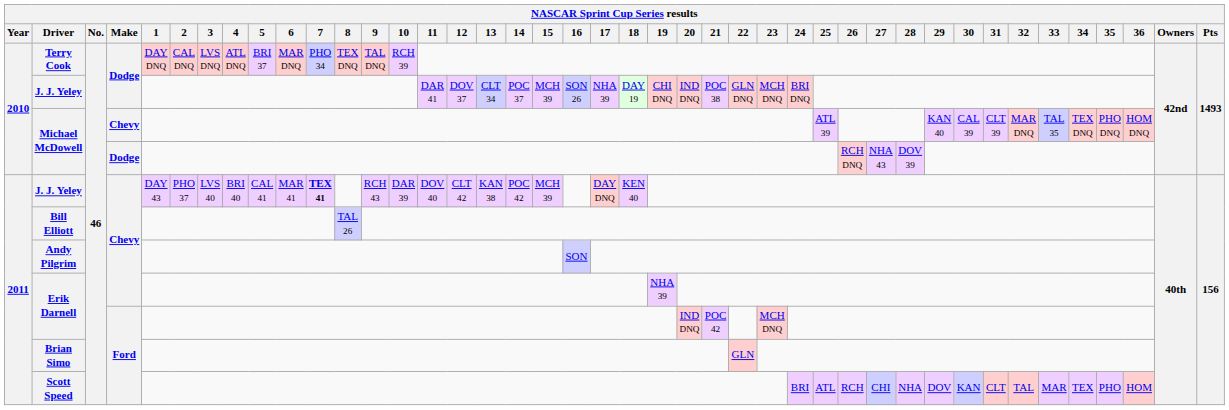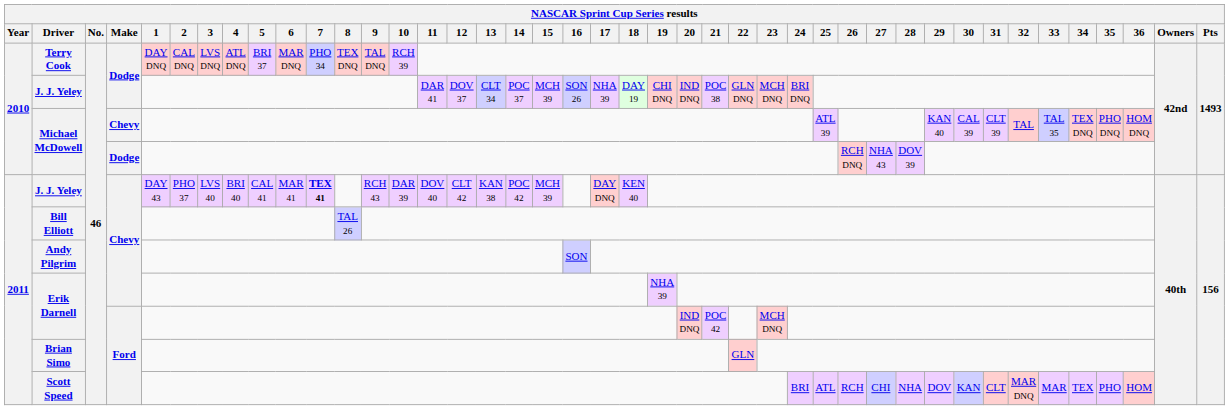 <table class="wikitable" style="text-align:center; font-size:75%">
 <tr>
 <th colspan=45><a href='#'>NASCAR Sprint Cup Series</a> results</th>
 </tr>
 <tr>
 <th>Year</th>
 <th>Driver</th>
 <th>No.</th>
 <th>Make</th>
 <th>1</th>
 <th>2</th>
 <th>3</th>
 <th>4</th>
 <th>5</th>
 <th>6</th>
 <th>7</th>
 <th>8</th>
 <th>9</th>
 <th>10</th>
 <th>11</th>
 <th>12</th>
 <th>13</th>
 <th>14</th>
 <th>15</th>
 <th>16</th>
 <th>17</th>
 <th>18</th>
 <th>19</th>
 <th>20</th>
 <th>21</th>
 <th>22</th>
 <th>23</th>
 <th>24</th>
 <th>25</th>
 <th>26</th>
 <th>27</th>
 <th>28</th>
 <th>29</th>
 <th>30</th>
 <th>31</th>
 <th>32</th>
 <th>33</th>
 <th>34</th>
 <th>35</th>
 <th>36</th>
 <th>Owners</th>
 <th>Pts</th>
 </tr>
 <tr>
 <th rowspan=4><a href='#'>2010</a></th>
 <th><a href='#'>Terry Cook</a></th>
 <th rowspan=12>46</th>
 <th rowspan=2><a href='#'>Dodge</a></th>
 <td style="background:#FFCFCF;"><a href='#'>DAY</a><br><small>DNQ</small></td>
 <td style="background:#FFCFCF;"><a href='#'>CAL</a><br><small>DNQ</small></td>
 <td style="background:#FFCFCF;"><a href='#'>LVS</a><br><small>DNQ</small></td>
 <td style="background:#FFCFCF;"><a href='#'>ATL</a><br><small>DNQ</small></td>
 <td style="background:#EFCFFF;"><a href='#'>BRI</a><br><small>37</small></td>
 <td style="background:#FFCFCF;"><a href='#'>MAR</a><br><small>DNQ</small></td>
 <td style="background:#CFCFFF;"><a href='#'>PHO</a><br><small>34</small></td>
 <td style="background:#FFCFCF;"><a href='#'>TEX</a><br><small>DNQ</small></td>
 <td style="background:#FFCFCF;"><a href='#'>TAL</a><br><small>DNQ</small></td>
 <td style="background:#EFCFFF;"><a href='#'>RCH</a><br><small>39</small></td>
 <td colspan=26></td>
 <th rowspan=4>42nd</th>
 <th rowspan=4>1493</th>
 </tr>
 <tr>
 <th><a href='#'>J. J. Yeley</a></th>
 <td colspan=10></td>
 <td style="background:#EFCFFF;"><a href='#'>DAR</a><br><small>41</small></td>
 <td style="background:#EFCFFF;"><a href='#'>DOV</a><br><small>37</small></td>
 <td style="background:#CFCFFF;"><a href='#'>CLT</a><br><small>34</small></td>
 <td style="background:#EFCFFF;"><a href='#'>POC</a><br><small>37</small></td>
 <td style="background:#EFCFFF;"><a href='#'>MCH</a><br><small>39</small></td>
 <td style="background:#CFCFFF;"><a href='#'>SON</a><br><small>26</small></td>
 <td style="background:#EFCFFF;"><a href='#'>NHA</a><br><small>39</small></td>
 <td style="background:#DFFFDF;"><a href='#'>DAY</a><br><small>19</small></td>
 <td style="background:#FFCFCF;"><a href='#'>CHI</a><br><small>DNQ</small></td>
 <td style="background:#FFCFCF;"><a href='#'>IND</a><br><small>DNQ</small></td>
 <td style="background:#EFCFFF;"><a href='#'>POC</a><br><small>38</small></td>
 <td style="background:#FFCFCF;"><a href='#'>GLN</a><br><small>DNQ</small></td>
 <td style="background:#FFCFCF;"><a href='#'>MCH</a><br><small>DNQ</small></td>
 <td style="background:#FFCFCF;"><a href='#'>BRI</a><br><small>DNQ</small></td>
 </tr>
 <tr>
 <th rowspan=2><a href='#'>Michael McDowell</a></th>
 <th><a href='#'>Chevy</a></th>
 <td colspan=24></td>
 <td style="background:#EFCFFF;"><a href='#'>ATL</a><br><small>39</small></td>
 <td colspan=3></td>
 <td style="background:#EFCFFF;"><a href='#'>KAN</a><br><small>40</small></td>
 <td style="background:#EFCFFF;"><a href='#'>CAL</a><br><small>39</small></td>
 <td style="background:#EFCFFF;"><a href='#'>CLT</a><br><small>39</small></td>
-<td style="background:#FFCFCF;"><a href='#'>MAR</a><br><small>DNQ</small></td>
+<td style="background:#FFCFCF;"><a href='#'>TAL</a><br></td>
 <td style="background:#CFCFFF;"><a href='#'>TAL</a><br><small>35</small></td>
 <td style="background:#FFCFCF;"><a href='#'>TEX</a><br><small>DNQ</small></td>
 <td style="background:#FFCFCF;"><a href='#'>PHO</a><br><small>DNQ</small></td>
 <td style="background:#FFCFCF;"><a href='#'>HOM</a><br><small>DNQ</small></td>
 </tr>
 <tr>
 <th><a href='#'>Dodge</a></th>
 <td colspan=25></td>
 <td style="background:#FFCFCF;"><a href='#'>RCH</a><br><small>DNQ</small></td>
 <td style="background:#EFCFFF;"><a href='#'>NHA</a><br><small>43</small></td>
 <td style="background:#EFCFFF;"><a href='#'>DOV</a><br><small>39</small></td>
 <td colspan=8></td>
 </tr>
 <tr>
 <th rowspan=7><a href='#'>2011</a></th>
 <th><a href='#'>J. J. Yeley</a></th>
 <th rowspan=4><a href='#'>Chevy</a></th>
 <td style="background:#EFCFFF;"><a href='#'>DAY</a><br><small>43</small></td>
 <td style="background:#EFCFFF;"><a href='#'>PHO</a><br><small>37</small></td>
 <td style="background:#EFCFFF;"><a href='#'>LVS</a><br><small>40</small></td>
 <td style="background:#EFCFFF;"><a href='#'>BRI</a><br><small>40</small></td>
 <td style="background:#EFCFFF;"><a href='#'>CAL</a><br><small>41</small></td>
 <td style="background:#EFCFFF;"><a href='#'>MAR</a><br><small>41</small></td>
 <td style="background:#EFCFFF;"><strong><a href='#'>TEX</a><br><small>41</small></strong></td>
 <td colspan=1></td>
 <td style="background:#EFCFFF;"><a href='#'>RCH</a><br><small>43</small></td>
 <td style="background:#EFCFFF;"><a href='#'>DAR</a><br><small>39</small></td>
 <td style="background:#EFCFFF;"><a href='#'>DOV</a><br><small>40</small></td>
 <td style="background:#EFCFFF;"><a href='#'>CLT</a><br><small>42</small></td>
 <td style="background:#EFCFFF;"><a href='#'>KAN</a><br><small>38</small></td>
 <td style="background:#EFCFFF;"><a href='#'>POC</a><br><small>42</small></td>
 <td style="background:#EFCFFF;"><a href='#'>MCH</a><br><small>39</small></td>
 <td colspan=1></td>
 <td style="background:#FFCFCF;"><a href='#'>DAY</a><br><small>DNQ</small></td>
 <td style="background:#EFCFFF;"><a href='#'>KEN</a><br><small>40</small></td>
 <td colspan=18></td>
 <th rowspan=7>40th</th>
 <th rowspan=7>156</th>
 </tr>
 <tr>
 <th><a href='#'>Bill Elliott</a></th>
 <td colspan=7></td>
 <td style="background:#CFCFFF;"><a href='#'>TAL</a><br><small>26</small></td>
 <td colspan=28></td>
 </tr>
 <tr>
 <th><a href='#'>Andy Pilgrim</a></th>
 <td colspan=15></td>
 <td style="background:#CFCFFF;"><a href='#'>SON</a><br></td>
 <td colspan=20></td>
 </tr>
 <tr>
 <th rowspan=2><a href='#'>Erik Darnell</a></th>
 <td colspan=18></td>
 <td style="background:#EFCFFF;"><a href='#'>NHA</a><br><small>39</small></td>
 <td colspan=17></td>
 </tr>
 <tr>
 <th rowspan=3><a href='#'>Ford</a></th>
 <td colspan=19></td>
 <td style="background:#FFCFCF;"><a href='#'>IND</a><br><small>DNQ</small></td>
 <td style="background:#EFCFFF;"><a href='#'>POC</a><br><small>42</small></td>
 <td colspan=1></td>
 <td style="background:#FFCFCF;"><a href='#'>MCH</a><br><small>DNQ</small></td>
 <td colspan=13></td>
 </tr>
 <tr>
 <th><a href='#'>Brian Simo</a></th>
 <td colspan=21></td>
 <td style="background:#FFCFCF;"><a href='#'>GLN</a><br></td>
 <td colspan=19></td>
 </tr>
 <tr>
 <th><a href='#'>Scott Speed</a></th>
 <td colspan=23></td>
 <td style="background:#EFCFFF;"><a href='#'>BRI</a><br></td>
 <td style="background:#EFCFFF;"><a href='#'>ATL</a><br></td>
 <td style="background:#EFCFFF;"><a href='#'>RCH</a><br></td>
 <td style="background:#CFCFFF;"><a href='#'>CHI</a><br></td>
 <td style="background:#EFCFFF;"><a href='#'>NHA</a><br></td>
 <td style="background:#EFCFFF;"><a href='#'>DOV</a><br></td>
 <td style="background:#CFCFFF;"><a href='#'>KAN</a><br></td>
 <td style="background:#FFCFCF;"><a href='#'>CLT</a><br></td>
-<td style="background:#FFCFCF;"><a href='#'>TAL</a><br></td>
+<td style="background:#FFCFCF;"><a href='#'>MAR</a><br><small>DNQ</small></td>
 <td style="background:#EFCFFF;"><a href='#'>MAR</a><br></td>
 <td style="background:#EFCFFF;"><a href='#'>TEX</a><br></td>
 <td style="background:#EFCFFF;"><a href='#'>PHO</a><br></td>
 <td style="background:#FFCFCF;"><a href='#'>HOM</a><br></td>
 </tr>
 </table>
